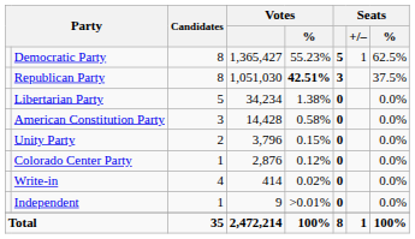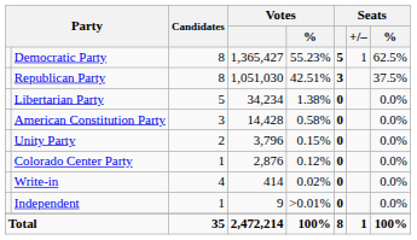 <table class="wikitable" style="font-size:100%; text-align:right;">
 <tr>
 <th colspan="2" rowspan="2">Party</th>
 <th rowspan="2"><small>Candi</small><small>dates</small></th>
 <th colspan="2">Votes</th>
 <th colspan="3">Seats</th>
 </tr>
 <tr>
 <th></th>
 <th>%</th>
 <th></th>
 <th>+/–</th>
 <th>%</th>
 </tr>
 <tr>
 <td></td>
 <td align="left"><a href='#'>Democratic Party</a></td>
 <td>8</td>
 <td>1,365,427</td>
 <td>55.23%</td>
 <td><strong>5</strong></td>
 <td>1</td>
 <td>62.5%</td>
 </tr>
 <tr>
 <td></td>
 <td align="left"><a href='#'>Republican Party</a></td>
 <td>8</td>
 <td>1,051,030</td>
-<td><strong>42.51%</strong></td>
+<td>42.51%</td>
 <td><strong>3</strong></td>
 <td></td>
 <td>37.5%</td>
 </tr>
 <tr>
 <td></td>
 <td align="left"><a href='#'>Libertarian Party</a></td>
 <td>5</td>
 <td>34,234</td>
 <td>1.38%</td>
 <td><strong>0</strong></td>
 <td></td>
 <td>0.0%</td>
 </tr>
 <tr>
 <td></td>
 <td align="left"><a href='#'>American Constitution Party</a></td>
 <td>3</td>
 <td>14,428</td>
 <td>0.58%</td>
 <td><strong>0</strong></td>
 <td></td>
 <td>0.0%</td>
 </tr>
 <tr>
 <td></td>
 <td align="left"><a href='#'>Unity Party</a></td>
 <td>2</td>
 <td>3,796</td>
 <td>0.15%</td>
 <td><strong>0</strong></td>
 <td></td>
 <td>0.0%</td>
 </tr>
 <tr>
 <td></td>
 <td align="left"><a href='#'>Colorado Center Party</a></td>
 <td>1</td>
 <td>2,876</td>
 <td>0.12%</td>
 <td><strong>0</strong></td>
 <td></td>
 <td>0.0%</td>
 </tr>
 <tr>
 <td></td>
 <td align="left"><a href='#'>Write-in</a></td>
 <td>4</td>
 <td>414</td>
 <td>0.02%</td>
 <td><strong>0</strong></td>
 <td></td>
 <td>0.0%</td>
 </tr>
 <tr>
 <td></td>
 <td align="left"><a href='#'>Independent</a></td>
 <td>1</td>
 <td>9</td>
 <td>>0.01%</td>
 <td><strong>0</strong></td>
 <td></td>
 <td>0.0%</td>
 </tr>
 <tr>
 </tr>
 <tr style="font-weight:bold">
 <td colspan="2" align="left">Total</td>
 <td>35</td>
 <td>2,472,214</td>
 <td>100%</td>
 <td>8</td>
 <td>1</td>
 <td>100%</td>
 </tr>
 </table>
